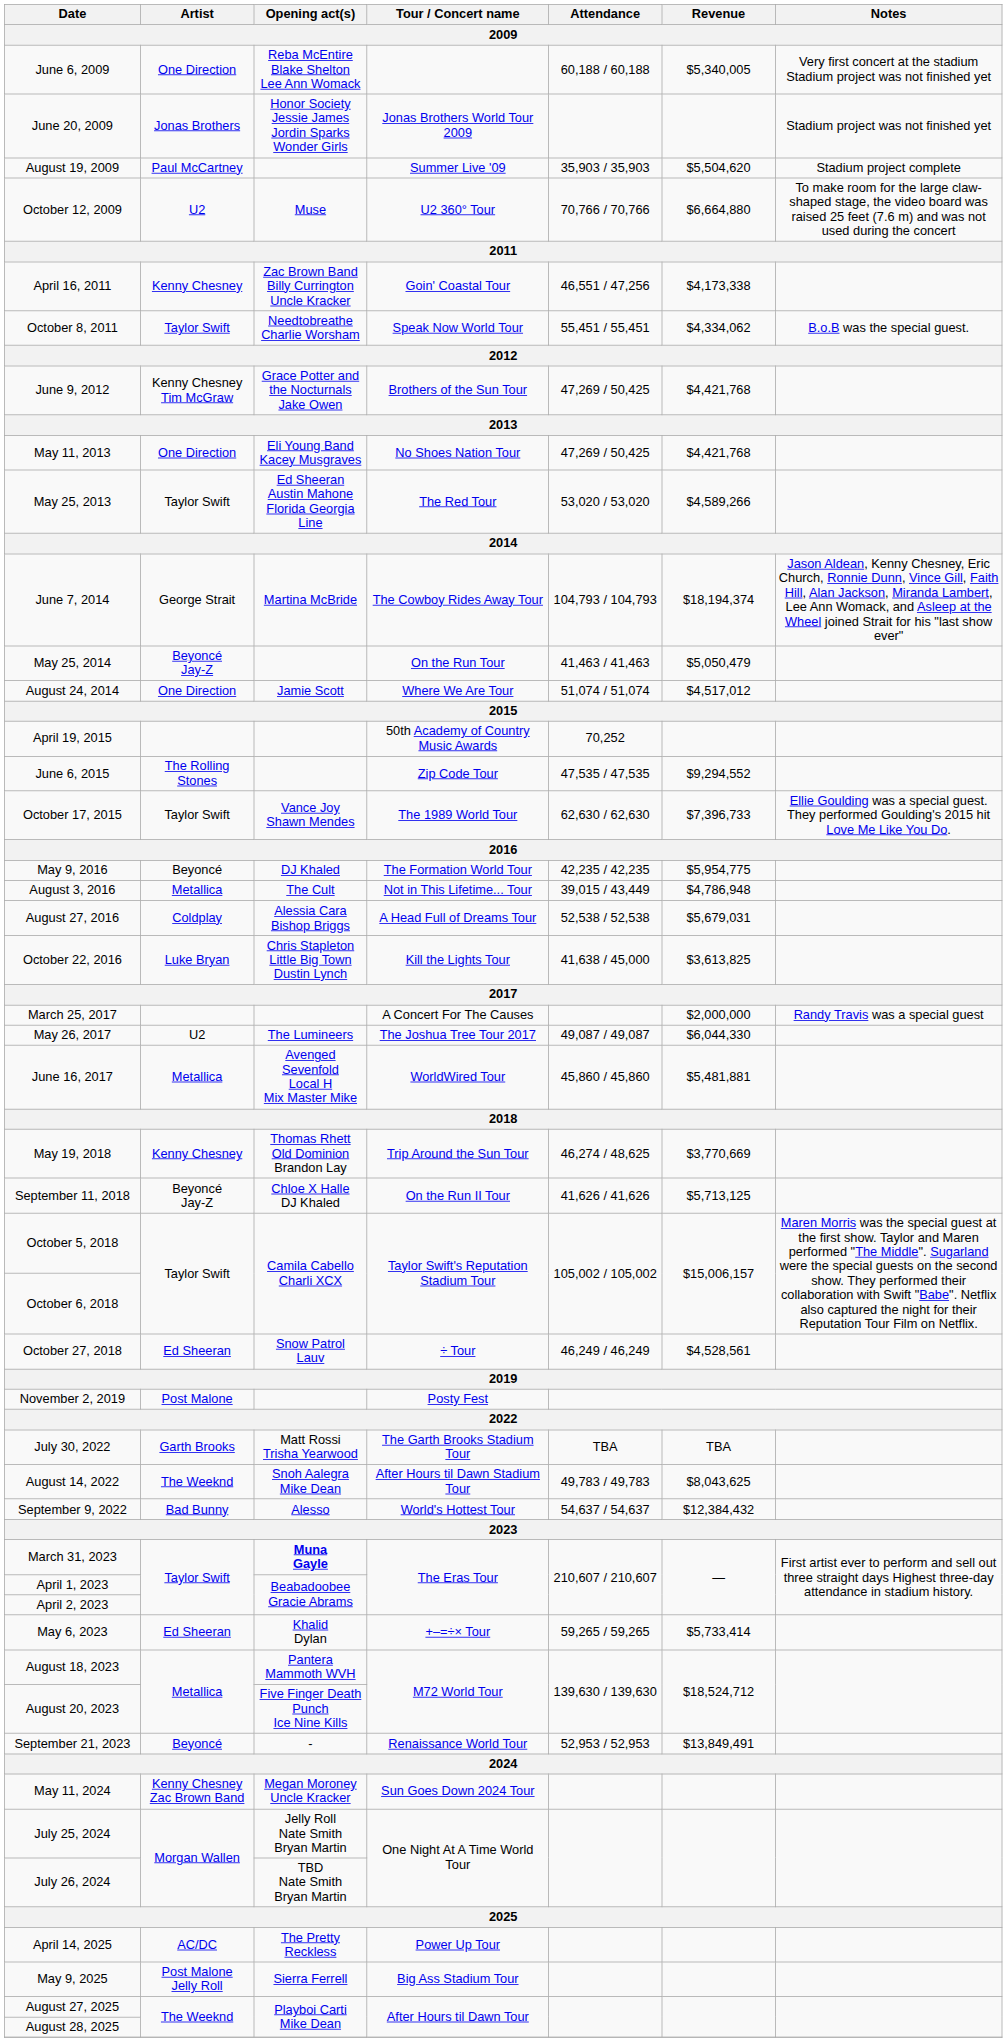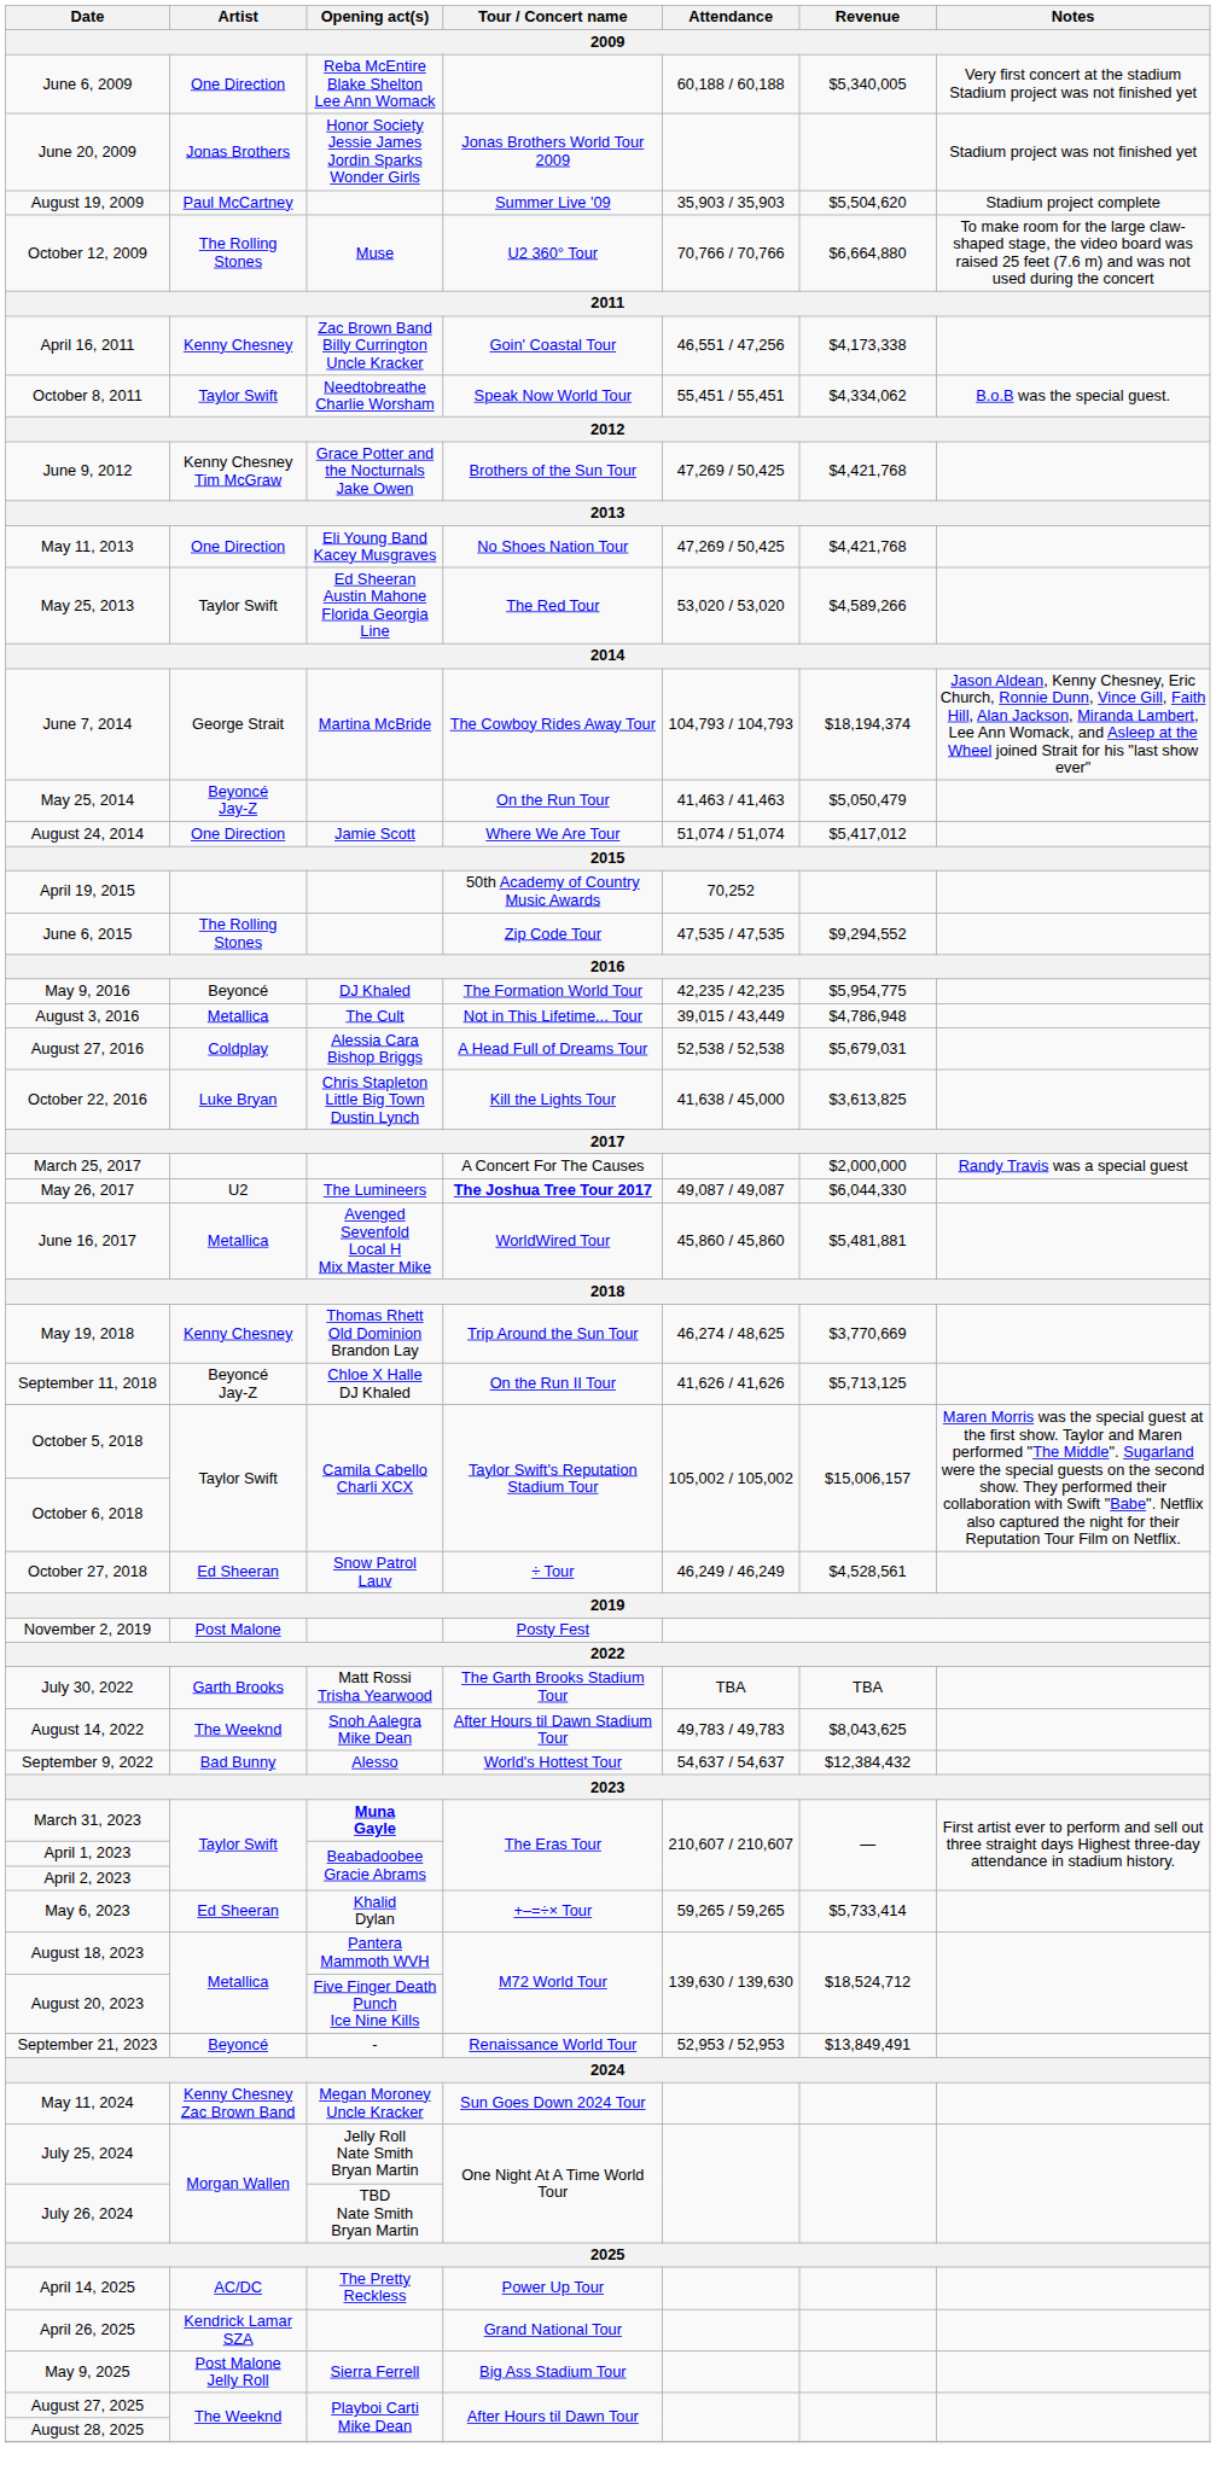 <table class="wikitable" style="text-align:center;">
 <tr>
 <th width=12% style="text-align:center;">Date</th>
 <th width=10% style="text-align:center;">Artist</th>
 <th width=10% style="text-align:center;">Opening act(s)</th>
 <th width=16% style="text-align:center;">Tour / Concert name</th>
 <th width=10% style="text-align:center;">Attendance</th>
 <th width=10% style="text-align:center;">Revenue</th>
 <th width=20% style="text-align:center;">Notes</th>
 </tr>
 <tr>
 <th colspan="7">2009</th>
 </tr>
 <tr>
 <td>June 6, 2009</td>
 <td><a href='#'>One Direction</a></td>
 <td><a href='#'>Reba McEntire</a><br><a href='#'>Blake Shelton</a><br><a href='#'>Lee Ann Womack</a></td>
 <td></td>
 <td>60,188 / 60,188</td>
 <td>$5,340,005</td>
 <td>Very first concert at the stadium<br>Stadium project was not finished yet</td>
 </tr>
 <tr>
 <td>June 20, 2009</td>
 <td><a href='#'>Jonas Brothers</a></td>
 <td><a href='#'>Honor Society</a><br><a href='#'>Jessie James</a><br><a href='#'>Jordin Sparks</a><br><a href='#'>Wonder Girls</a></td>
 <td><a href='#'>Jonas Brothers World Tour 2009</a></td>
 <td></td>
 <td></td>
 <td>Stadium project was not finished yet</td>
 </tr>
 <tr>
 <td>August 19, 2009</td>
 <td><a href='#'>Paul McCartney</a></td>
 <td></td>
 <td><a href='#'>Summer Live '09</a></td>
 <td>35,903 / 35,903</td>
 <td>$5,504,620</td>
 <td>Stadium project complete</td>
 </tr>
 <tr>
 <td>October 12, 2009</td>
-<td><a href='#'>U2</a></td>
+<td><a href='#'>The Rolling Stones</a></td>
 <td><a href='#'>Muse</a></td>
 <td><a href='#'>U2 360° Tour</a></td>
 <td>70,766 / 70,766</td>
 <td>$6,664,880</td>
 <td>To make room for the large claw-shaped stage, the video board was raised 25 feet (7.6 m) and was not used during the concert</td>
 </tr>
 <tr>
 <th colspan="7">2011</th>
 </tr>
 <tr>
 <td>April 16, 2011</td>
 <td><a href='#'>Kenny Chesney</a></td>
 <td><a href='#'>Zac Brown Band</a><br><a href='#'>Billy Currington</a><br><a href='#'>Uncle Kracker</a></td>
 <td><a href='#'>Goin' Coastal Tour</a></td>
 <td>46,551 / 47,256</td>
 <td>$4,173,338</td>
 <td></td>
 </tr>
 <tr>
 <td>October 8, 2011</td>
 <td><a href='#'>Taylor Swift</a></td>
 <td><a href='#'>Needtobreathe</a><br><a href='#'>Charlie Worsham</a></td>
 <td><a href='#'>Speak Now World Tour</a></td>
 <td>55,451 / 55,451</td>
 <td>$4,334,062</td>
 <td><a href='#'>B.o.B</a> was the special guest.</td>
 </tr>
 <tr>
 <th colspan="7">2012</th>
 </tr>
 <tr>
 <td>June 9, 2012</td>
 <td>Kenny Chesney<br><a href='#'>Tim McGraw</a></td>
 <td><a href='#'>Grace Potter and the Nocturnals</a><br><a href='#'>Jake Owen</a></td>
 <td><a href='#'>Brothers of the Sun Tour</a></td>
 <td>47,269 / 50,425</td>
 <td>$4,421,768</td>
 <td></td>
 </tr>
 <tr>
 <th colspan="7">2013</th>
 </tr>
 <tr>
 <td>May 11, 2013</td>
 <td><a href='#'>One Direction</a></td>
 <td><a href='#'>Eli Young Band</a><br><a href='#'>Kacey Musgraves</a></td>
 <td><a href='#'>No Shoes Nation Tour</a></td>
 <td>47,269 / 50,425</td>
 <td>$4,421,768</td>
 <td></td>
 </tr>
 <tr>
 <td>May 25, 2013</td>
 <td>Taylor Swift</td>
 <td><a href='#'>Ed Sheeran</a><br><a href='#'>Austin Mahone</a><br><a href='#'>Florida Georgia Line</a></td>
 <td><a href='#'>The Red Tour</a></td>
 <td>53,020 / 53,020</td>
 <td>$4,589,266</td>
 <td></td>
 </tr>
 <tr>
 <th colspan="7">2014</th>
 </tr>
 <tr>
 <td>June 7, 2014</td>
 <td>George Strait</td>
 <td><a href='#'>Martina McBride</a></td>
 <td><a href='#'>The Cowboy Rides Away Tour</a></td>
 <td>104,793 / 104,793</td>
 <td>$18,194,374</td>
 <td><a href='#'>Jason Aldean</a>, Kenny Chesney, Eric Church, <a href='#'>Ronnie Dunn</a>, <a href='#'>Vince Gill</a>, <a href='#'>Faith Hill</a>, <a href='#'>Alan Jackson</a>, <a href='#'>Miranda Lambert</a>, Lee Ann Womack, and <a href='#'>Asleep at the Wheel</a> joined Strait for his "last show ever"</td>
 </tr>
 <tr>
 <td>May 25, 2014</td>
 <td><a href='#'>Beyoncé</a><br><a href='#'>Jay-Z</a></td>
 <td></td>
 <td><a href='#'>On the Run Tour</a></td>
 <td>41,463 / 41,463</td>
 <td>$5,050,479</td>
 <td></td>
 </tr>
 <tr>
 <td>August 24, 2014</td>
 <td><a href='#'>One Direction</a></td>
 <td><a href='#'>Jamie Scott</a></td>
 <td><a href='#'>Where We Are Tour</a></td>
 <td>51,074 / 51,074</td>
-<td>$4,517,012</td>
+<td>$5,417,012</td>
 <td></td>
 </tr>
 <tr>
 <th colspan="7">2015</th>
 </tr>
 <tr>
 <td>April 19, 2015</td>
 <td></td>
 <td></td>
 <td>50th <a href='#'>Academy of Country Music Awards</a></td>
 <td>70,252</td>
 <td></td>
 <td></td>
 </tr>
 <tr>
 <td>June 6, 2015</td>
 <td><a href='#'>The Rolling Stones</a></td>
 <td></td>
 <td><a href='#'>Zip Code Tour</a></td>
 <td>47,535 / 47,535</td>
 <td>$9,294,552</td>
 <td></td>
-</tr>
-<tr>
-<td>October 17, 2015</td>
-<td>Taylor Swift</td>
-<td><a href='#'>Vance Joy</a><br><a href='#'>Shawn Mendes</a></td>
-<td><a href='#'>The 1989 World Tour</a></td>
-<td>62,630 / 62,630</td>
-<td>$7,396,733</td>
-<td><a href='#'>Ellie Goulding</a> was a special guest. They performed Goulding's 2015 hit <a href='#'>Love Me Like You Do</a>.</td>
 </tr>
 <tr>
 <th colspan="7">2016</th>
 </tr>
 <tr>
 <td>May 9, 2016</td>
 <td>Beyoncé</td>
 <td><a href='#'>DJ Khaled</a></td>
 <td><a href='#'>The Formation World Tour</a></td>
 <td>42,235 / 42,235</td>
 <td>$5,954,775</td>
 <td></td>
 </tr>
 <tr>
 <td>August 3, 2016</td>
 <td><a href='#'>Metallica</a></td>
 <td><a href='#'>The Cult</a></td>
 <td><a href='#'>Not in This Lifetime... Tour</a></td>
 <td>39,015 / 43,449</td>
 <td>$4,786,948</td>
 <td></td>
 </tr>
 <tr>
 <td>August 27, 2016</td>
 <td><a href='#'>Coldplay</a></td>
 <td><a href='#'>Alessia Cara</a><br><a href='#'>Bishop Briggs</a></td>
 <td><a href='#'>A Head Full of Dreams Tour</a></td>
 <td>52,538 / 52,538</td>
 <td>$5,679,031</td>
 <td></td>
 </tr>
 <tr>
 <td>October 22, 2016</td>
 <td><a href='#'>Luke Bryan</a></td>
 <td><a href='#'>Chris Stapleton</a><br><a href='#'>Little Big Town</a><br><a href='#'>Dustin Lynch</a></td>
 <td><a href='#'>Kill the Lights Tour</a></td>
 <td>41,638 / 45,000</td>
 <td>$3,613,825</td>
 <td></td>
 </tr>
 <tr>
 <th colspan="7">2017</th>
 </tr>
 <tr>
 <td>March 25, 2017</td>
 <td></td>
 <td></td>
 <td>A Concert For The Causes</td>
 <td></td>
 <td>$2,000,000</td>
 <td><a href='#'>Randy Travis</a> was a special guest</td>
 </tr>
 <tr>
 <td>May 26, 2017</td>
 <td>U2</td>
 <td><a href='#'>The Lumineers</a></td>
-<td><a href='#'>The Joshua Tree Tour 2017</a></td>
+<td><strong><a href='#'>The Joshua Tree Tour 2017</a></strong></td>
 <td>49,087 / 49,087</td>
 <td>$6,044,330</td>
 <td></td>
 </tr>
 <tr>
 <td>June 16, 2017</td>
 <td><a href='#'>Metallica</a></td>
 <td><a href='#'>Avenged Sevenfold</a><br><a href='#'>Local H</a><br><a href='#'>Mix Master Mike</a></td>
 <td><a href='#'>WorldWired Tour</a></td>
 <td>45,860 / 45,860</td>
 <td>$5,481,881</td>
 <td></td>
 </tr>
 <tr>
 <th colspan="7">2018</th>
 </tr>
 <tr>
 <td>May 19, 2018</td>
 <td><a href='#'>Kenny Chesney</a></td>
 <td><a href='#'>Thomas Rhett</a><br><a href='#'>Old Dominion</a><br>Brandon Lay</td>
 <td><a href='#'>Trip Around the Sun Tour</a></td>
 <td>46,274 / 48,625</td>
 <td>$3,770,669</td>
 <td></td>
 </tr>
 <tr>
 <td>September 11, 2018</td>
 <td>Beyoncé<br>Jay-Z</td>
 <td><a href='#'>Chloe X Halle</a><br>DJ Khaled</td>
 <td><a href='#'>On the Run II Tour</a></td>
 <td>41,626 / 41,626</td>
 <td>$5,713,125</td>
 <td></td>
 </tr>
 <tr>
 <td>October 5, 2018</td>
 <td rowspan="2">Taylor Swift</td>
 <td rowspan="2"><a href='#'>Camila Cabello</a><br><a href='#'>Charli XCX</a></td>
 <td rowspan="2"><a href='#'>Taylor Swift's Reputation Stadium Tour</a></td>
 <td rowspan="2">105,002 / 105,002</td>
 <td rowspan="2">$15,006,157</td>
 <td rowspan="2"><a href='#'>Maren Morris</a> was the special guest at the first show. Taylor and Maren performed "<a href='#'>The Middle</a>". <a href='#'>Sugarland</a> were the special guests on the second show. They performed their collaboration with Swift "<a href='#'>Babe</a>". Netflix also captured the night for their Reputation Tour Film on Netflix.</td>
 </tr>
 <tr>
 <td>October 6, 2018</td>
 </tr>
 <tr>
 <td>October 27, 2018</td>
 <td><a href='#'>Ed Sheeran</a></td>
 <td><a href='#'>Snow Patrol</a><br><a href='#'>Lauv</a></td>
 <td><a href='#'>÷ Tour</a></td>
 <td>46,249 / 46,249</td>
 <td>$4,528,561</td>
 <td></td>
 </tr>
 <tr>
 <th colspan="7">2019</th>
 </tr>
 <tr>
 <td>November 2, 2019</td>
 <td><a href='#'>Post Malone</a></td>
 <td></td>
 <td><a href='#'>Posty Fest</a></td>
 </tr>
 <tr>
 <th colspan="7">2022</th>
 </tr>
 <tr>
 <td>July 30, 2022</td>
 <td><a href='#'>Garth Brooks</a></td>
 <td>Matt Rossi<br><a href='#'>Trisha Yearwood</a></td>
 <td><a href='#'>The Garth Brooks Stadium Tour</a></td>
 <td>TBA</td>
 <td>TBA</td>
 <td></td>
 </tr>
 <tr>
 <td>August 14, 2022</td>
 <td><a href='#'>The Weeknd</a></td>
 <td><a href='#'>Snoh Aalegra</a><br><a href='#'>Mike Dean</a></td>
 <td><a href='#'>After Hours til Dawn Stadium Tour</a></td>
 <td>49,783 / 49,783</td>
 <td>$8,043,625</td>
 <td></td>
 </tr>
 <tr>
 <td>September 9, 2022</td>
 <td><a href='#'>Bad Bunny</a></td>
 <td><a href='#'>Alesso</a></td>
 <td><a href='#'>World's Hottest Tour</a></td>
 <td>54,637 / 54,637</td>
 <td>$12,384,432</td>
 <td></td>
 </tr>
 <tr>
 <th colspan="7">2023</th>
 </tr>
 <tr>
 <td>March 31, 2023</td>
 <td rowspan="3"><a href='#'>Taylor Swift</a></td>
 <td><strong><a href='#'>Muna</a><br><a href='#'>Gayle</a></strong></td>
 <td rowspan="3"><a href='#'>The Eras Tour</a></td>
 <td rowspan="3">210,607 / 210,607</td>
 <td rowspan="3">—</td>
 <td rowspan="3">First artist ever to perform and sell out three straight days  Highest three-day attendance in stadium history.</td>
 </tr>
 <tr>
 <td>April 1, 2023</td>
 <td rowspan="2"><a href='#'>Beabadoobee</a><br><a href='#'>Gracie Abrams</a></td>
 </tr>
 <tr>
 <td>April 2, 2023</td>
 </tr>
 <tr>
 <td>May 6, 2023</td>
 <td><a href='#'>Ed Sheeran</a></td>
 <td><a href='#'>Khalid</a><br>Dylan</td>
 <td><a href='#'>+–=÷× Tour</a></td>
 <td>59,265 / 59,265</td>
 <td>$5,733,414</td>
 <td></td>
 </tr>
 <tr>
 <td>August 18, 2023</td>
 <td rowspan="2"><a href='#'>Metallica</a></td>
 <td><a href='#'>Pantera</a><br><a href='#'>Mammoth WVH</a></td>
 <td rowspan="2"><a href='#'>M72 World Tour</a></td>
 <td rowspan="2">139,630 / 139,630</td>
 <td rowspan="2">$18,524,712</td>
 <td rowspan="2"></td>
 </tr>
 <tr>
 <td>August 20, 2023</td>
 <td><a href='#'>Five Finger Death Punch</a><br><a href='#'>Ice Nine Kills</a></td>
 </tr>
 <tr>
 <td>September 21, 2023</td>
 <td><a href='#'>Beyoncé</a></td>
 <td>-</td>
 <td><a href='#'>Renaissance World Tour</a></td>
 <td>52,953 / 52,953</td>
 <td>$13,849,491</td>
 <td></td>
 </tr>
 <tr>
 <th colspan="7">2024</th>
 </tr>
 <tr>
 <td>May 11, 2024</td>
 <td><a href='#'>Kenny Chesney</a><br><a href='#'>Zac Brown Band</a></td>
 <td><a href='#'>Megan Moroney</a><br><a href='#'>Uncle Kracker</a></td>
 <td><a href='#'>Sun Goes Down 2024 Tour</a></td>
 <td></td>
 <td></td>
 <td></td>
 </tr>
 <tr>
 <td>July 25, 2024</td>
 <td rowspan="2"><a href='#'>Morgan Wallen</a></td>
 <td>Jelly Roll<br>Nate Smith<br>Bryan Martin</td>
 <td rowspan="2">One Night At A Time World Tour</td>
 <td rowspan="2"></td>
 <td rowspan="2"></td>
 <td rowspan="2"></td>
 </tr>
 <tr>
 <td>July 26, 2024</td>
 <td>TBD<br>Nate Smith<br>Bryan Martin</td>
 </tr>
 <tr>
 <th colspan="7">2025</th>
 </tr>
 <tr>
 <td>April 14, 2025</td>
 <td><a href='#'>AC/DC</a></td>
 <td><a href='#'>The Pretty Reckless</a></td>
 <td><a href='#'>Power Up Tour</a></td>
 <td></td>
 <td></td>
 <td></td>
 </tr>
 <tr>
+<td>April 26, 2025</td>
+<td><a href='#'>Kendrick Lamar</a><br><a href='#'>SZA</a></td>
+<td></td>
+<td><a href='#'>Grand National Tour</a></td>
+<td></td>
+<td></td>
+<td></td>
+</tr>
+<tr>
 <td>May 9, 2025</td>
 <td><a href='#'>Post Malone</a><br><a href='#'>Jelly Roll</a></td>
 <td><a href='#'>Sierra Ferrell</a></td>
 <td><a href='#'>Big Ass Stadium Tour</a></td>
 <td></td>
 <td></td>
 <td></td>
 </tr>
 <tr>
 <td>August 27, 2025</td>
 <td rowspan=2><a href='#'>The Weeknd</a></td>
 <td rowspan=2><a href='#'>Playboi Carti</a><br><a href='#'>Mike Dean</a></td>
 <td rowspan=2><a href='#'>After Hours til Dawn Tour</a></td>
 <td rowspan=2></td>
 <td rowspan=2></td>
 <td rowspan=2></td>
 </tr>
 <tr>
 <td>August 28, 2025</td>
 </tr>
 <tr>
 </tr>
 </table>
